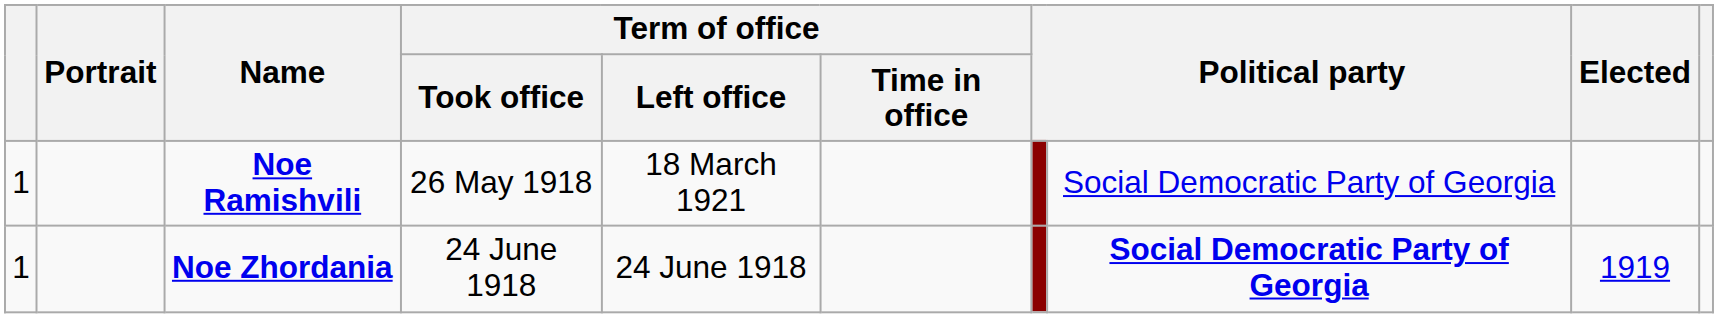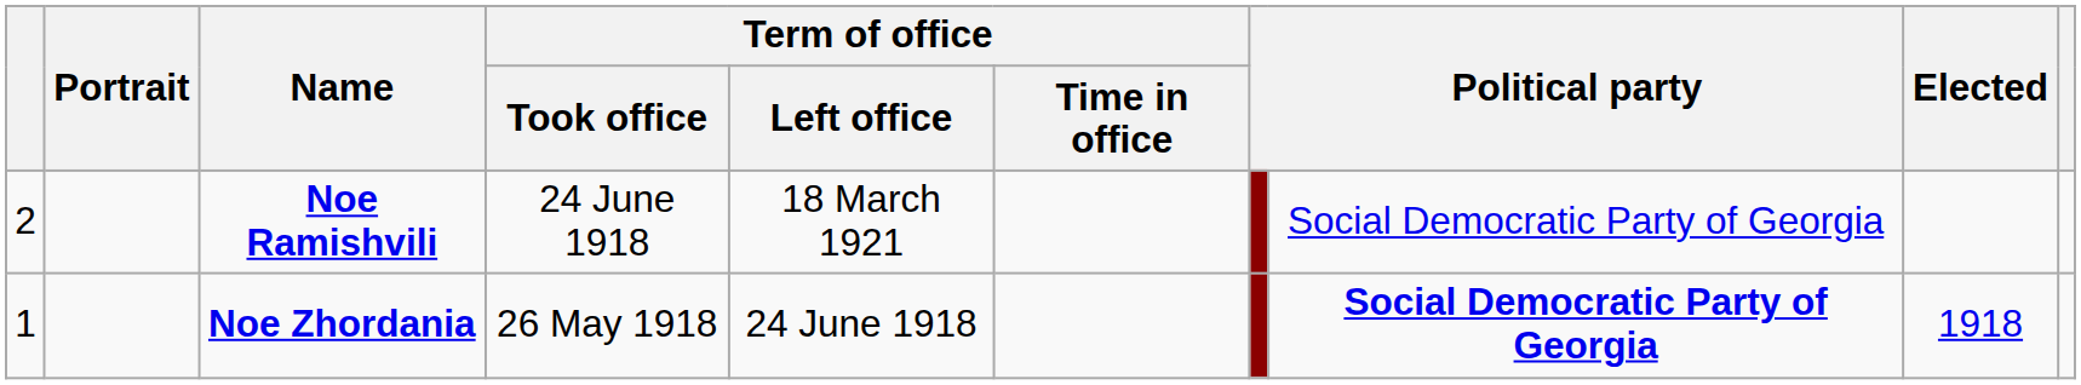 <table class="wikitable" style="text-align:center">
 <tr>
 <th rowspan=2></th>
 <th rowspan=2>Portrait</th>
 <th rowspan=2>Name<br></th>
 <th colspan=3>Term of office</th>
 <th colspan=2 rowspan=2>Political party</th>
 <th rowspan=2>Elected</th>
 <th rowspan=2></th>
 </tr>
 <tr>
 <th>Took office</th>
 <th>Left office</th>
 <th>Time in office</th>
 </tr>
 <tr>
-<td>1</td>
+<td>2</td>
 <td></td>
 <td><strong><a href='#'>Noe Ramishvili</a></strong><br></td>
-<td>26 May 1918</td>
+<td>24 June 1918</td>
 <td>18 March 1921</td>
 <td></td>
 <td style="background:#8B0000"></td>
 <td><a href='#'>Social Democratic Party of Georgia</a></td>
 <td></td>
 <td></td>
 </tr>
 <tr>
 <td>1</td>
 <td></td>
 <td><strong><a href='#'>Noe Zhordania</a></strong><br></td>
-<td>24 June 1918</td>
+<td>26 May 1918</td>
 <td>24 June 1918</td>
 <td></td>
 <td style="background:#8B0000"></td>
 <td><strong><a href='#'>Social Democratic Party of Georgia</a></strong></td>
-<td><a href='#'>1919</a></td>
+<td><a href='#'>1918</a></td>
 <td></td>
 </tr>
 </table>
